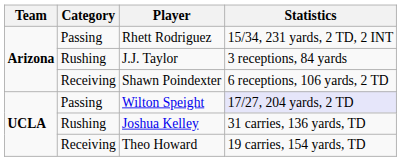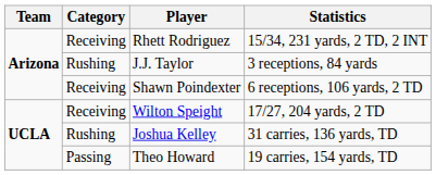 <table class="wikitable" style="float: right;">
 <tr>
 <th>Team</th>
 <th>Category</th>
 <th>Player</th>
 <th>Statistics</th>
 </tr>
 <tr>
 <td rowspan=3><strong>Arizona</strong></td>
-<td>Passing</td>
+<td>Receiving</td>
 <td>Rhett Rodriguez</td>
 <td>15/34, 231 yards, 2 TD, 2 INT</td>
 </tr>
 <tr>
 <td>Rushing</td>
 <td>J.J. Taylor</td>
 <td>3 receptions, 84 yards</td>
 </tr>
 <tr>
 <td>Receiving</td>
 <td>Shawn Poindexter</td>
 <td>6 receptions, 106 yards, 2 TD</td>
 </tr>
 <tr>
 <td rowspan=3><strong>UCLA</strong></td>
-<td>Passing</td>
+<td>Receiving</td>
 <td><a href='#'>Wilton Speight</a></td>
-<td style="background: lavender;">17/27, 204 yards, 2 TD</td>
+<td>17/27, 204 yards, 2 TD</td>
 </tr>
 <tr>
 <td>Rushing</td>
 <td><a href='#'>Joshua Kelley</a></td>
 <td>31 carries, 136 yards, TD</td>
 </tr>
 <tr>
-<td>Receiving</td>
+<td>Passing</td>
 <td>Theo Howard</td>
 <td>19 carries, 154 yards, TD</td>
 </tr>
 </table>
